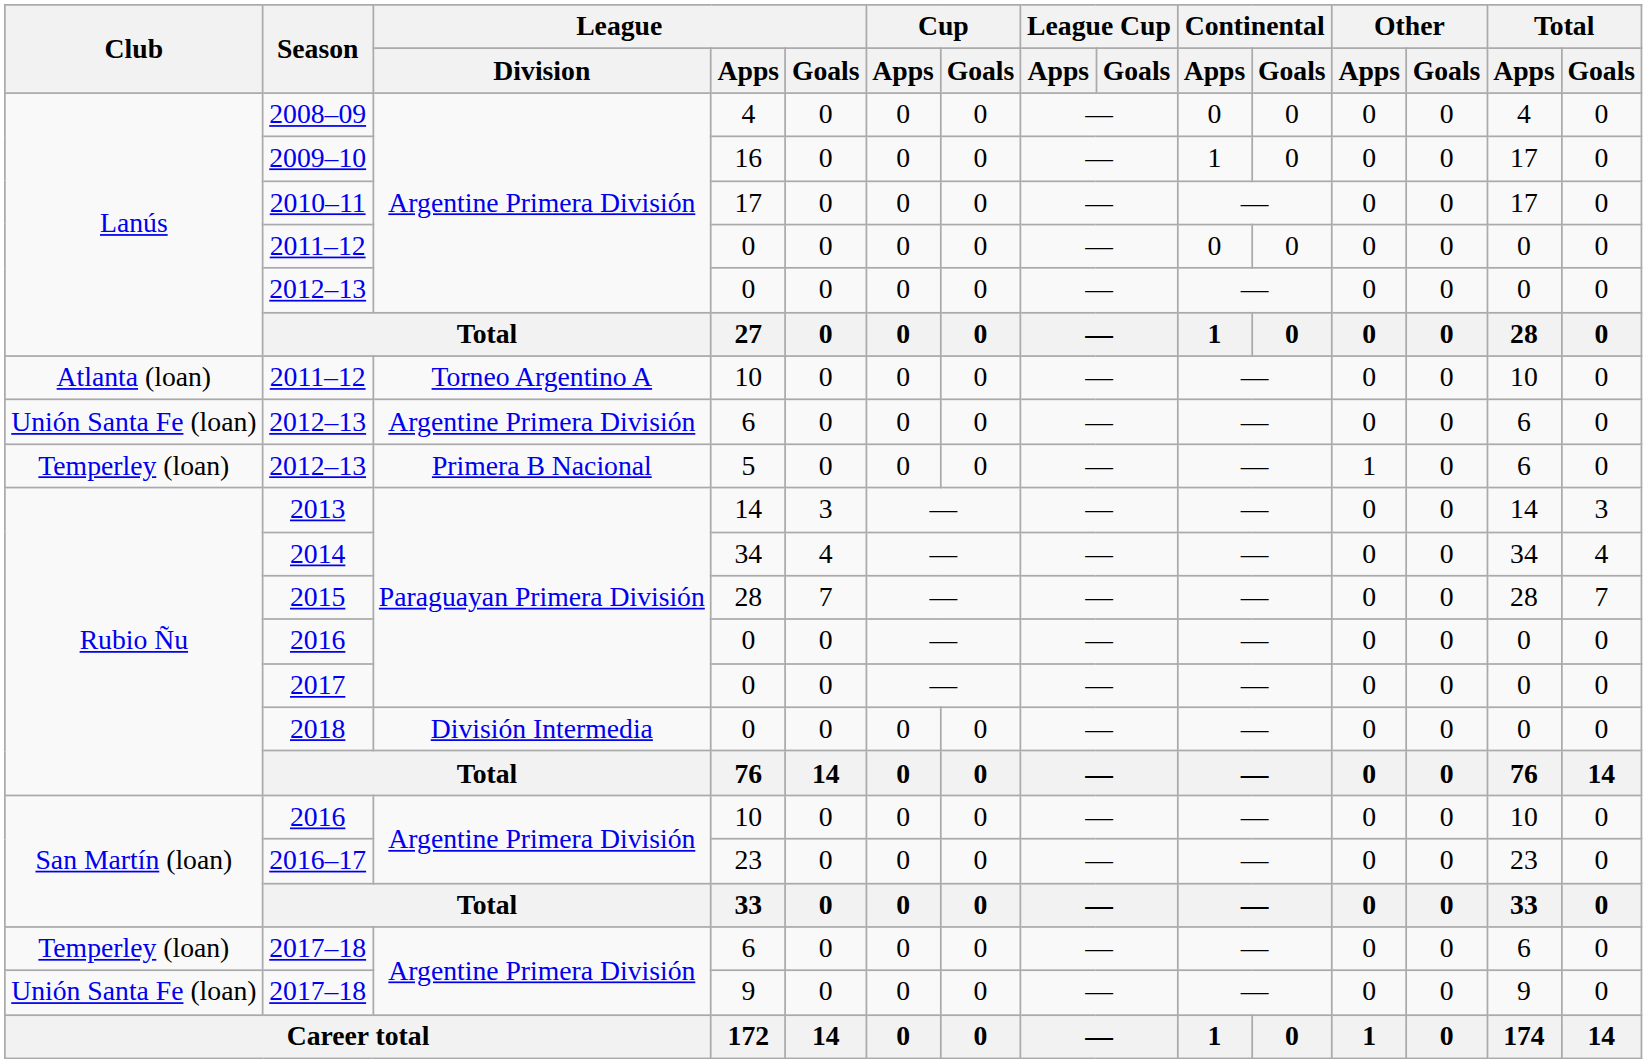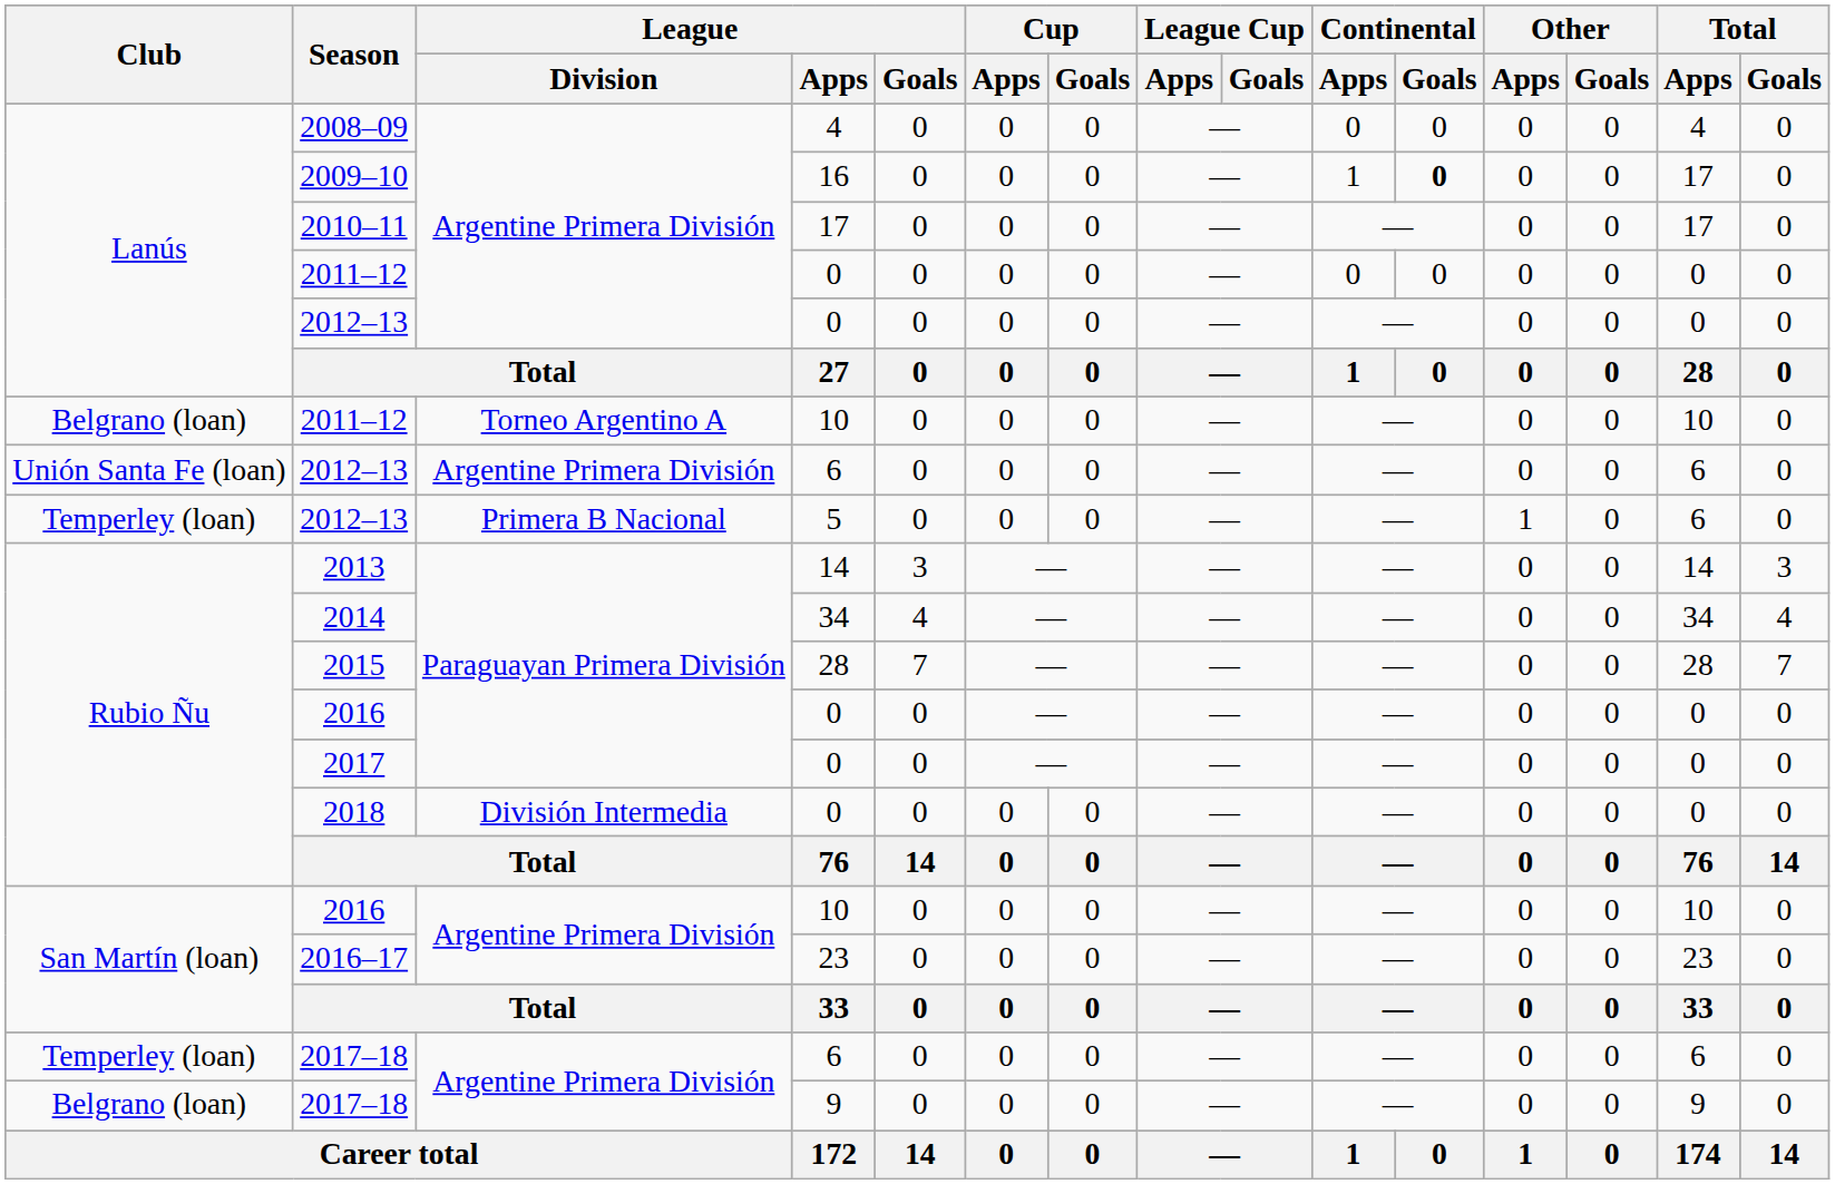 <table class="wikitable" style="text-align:center">
 <tr>
 <th rowspan="2">Club</th>
 <th rowspan="2">Season</th>
 <th colspan="3">League</th>
 <th colspan="2">Cup</th>
 <th colspan="2">League Cup</th>
 <th colspan="2">Continental</th>
 <th colspan="2">Other</th>
 <th colspan="2">Total</th>
 </tr>
 <tr>
 <th>Division</th>
 <th>Apps</th>
 <th>Goals</th>
 <th>Apps</th>
 <th>Goals</th>
 <th>Apps</th>
 <th>Goals</th>
 <th>Apps</th>
 <th>Goals</th>
 <th>Apps</th>
 <th>Goals</th>
 <th>Apps</th>
 <th>Goals</th>
 </tr>
 <tr>
 <td rowspan="6"><a href='#'>Lanús</a></td>
 <td><a href='#'>2008–09</a></td>
 <td rowspan="5"><a href='#'>Argentine Primera División</a></td>
 <td>4</td>
 <td>0</td>
 <td>0</td>
 <td>0</td>
 <td colspan="2">—</td>
 <td>0</td>
 <td>0</td>
 <td>0</td>
 <td>0</td>
 <td>4</td>
 <td>0</td>
 </tr>
 <tr>
 <td><a href='#'>2009–10</a></td>
 <td>16</td>
 <td>0</td>
 <td>0</td>
 <td>0</td>
 <td colspan="2">—</td>
 <td>1</td>
-<td>0</td>
+<td><strong>0</strong></td>
 <td>0</td>
 <td>0</td>
 <td>17</td>
 <td>0</td>
 </tr>
 <tr>
 <td><a href='#'>2010–11</a></td>
 <td>17</td>
 <td>0</td>
 <td>0</td>
 <td>0</td>
 <td colspan="2">—</td>
 <td colspan="2">—</td>
 <td>0</td>
 <td>0</td>
 <td>17</td>
 <td>0</td>
 </tr>
 <tr>
 <td><a href='#'>2011–12</a></td>
 <td>0</td>
 <td>0</td>
 <td>0</td>
 <td>0</td>
 <td colspan="2">—</td>
 <td>0</td>
 <td>0</td>
 <td>0</td>
 <td>0</td>
 <td>0</td>
 <td>0</td>
 </tr>
 <tr>
 <td><a href='#'>2012–13</a></td>
 <td>0</td>
 <td>0</td>
 <td>0</td>
 <td>0</td>
 <td colspan="2">—</td>
 <td colspan="2">—</td>
 <td>0</td>
 <td>0</td>
 <td>0</td>
 <td>0</td>
 </tr>
 <tr>
 <th colspan="2">Total</th>
 <th>27</th>
 <th>0</th>
 <th>0</th>
 <th>0</th>
 <th colspan="2">—</th>
 <th>1</th>
 <th>0</th>
 <th>0</th>
 <th>0</th>
 <th>28</th>
 <th>0</th>
 </tr>
 <tr>
-<td rowspan="1"><a href='#'>Atlanta</a> (loan)</td>
+<td rowspan="1"><a href='#'>Belgrano</a> (loan)</td>
 <td><a href='#'>2011–12</a></td>
 <td rowspan="1"><a href='#'>Torneo Argentino A</a></td>
 <td>10</td>
 <td>0</td>
 <td>0</td>
 <td>0</td>
 <td colspan="2">—</td>
 <td colspan="2">—</td>
 <td>0</td>
 <td>0</td>
 <td>10</td>
 <td>0</td>
 </tr>
 <tr>
 <td rowspan="1"><a href='#'>Unión Santa Fe</a> (loan)</td>
 <td><a href='#'>2012–13</a></td>
 <td rowspan="1"><a href='#'>Argentine Primera División</a></td>
 <td>6</td>
 <td>0</td>
 <td>0</td>
 <td>0</td>
 <td colspan="2">—</td>
 <td colspan="2">—</td>
 <td>0</td>
 <td>0</td>
 <td>6</td>
 <td>0</td>
 </tr>
 <tr>
 <td rowspan="1"><a href='#'>Temperley</a> (loan)</td>
 <td><a href='#'>2012–13</a></td>
 <td rowspan="1"><a href='#'>Primera B Nacional</a></td>
 <td>5</td>
 <td>0</td>
 <td>0</td>
 <td>0</td>
 <td colspan="2">—</td>
 <td colspan="2">—</td>
 <td>1</td>
 <td>0</td>
 <td>6</td>
 <td>0</td>
 </tr>
 <tr>
 <td rowspan="7"><a href='#'>Rubio Ñu</a></td>
 <td><a href='#'>2013</a></td>
 <td rowspan="5"><a href='#'>Paraguayan Primera División</a></td>
 <td>14</td>
 <td>3</td>
 <td colspan="2">—</td>
 <td colspan="2">—</td>
 <td colspan="2">—</td>
 <td>0</td>
 <td>0</td>
 <td>14</td>
 <td>3</td>
 </tr>
 <tr>
 <td><a href='#'>2014</a></td>
 <td>34</td>
 <td>4</td>
 <td colspan="2">—</td>
 <td colspan="2">—</td>
 <td colspan="2">—</td>
 <td>0</td>
 <td>0</td>
 <td>34</td>
 <td>4</td>
 </tr>
 <tr>
 <td><a href='#'>2015</a></td>
 <td>28</td>
 <td>7</td>
 <td colspan="2">—</td>
 <td colspan="2">—</td>
 <td colspan="2">—</td>
 <td>0</td>
 <td>0</td>
 <td>28</td>
 <td>7</td>
 </tr>
 <tr>
 <td><a href='#'>2016</a></td>
 <td>0</td>
 <td>0</td>
 <td colspan="2">—</td>
 <td colspan="2">—</td>
 <td colspan="2">—</td>
 <td>0</td>
 <td>0</td>
 <td>0</td>
 <td>0</td>
 </tr>
 <tr>
 <td><a href='#'>2017</a></td>
 <td>0</td>
 <td>0</td>
 <td colspan="2">—</td>
 <td colspan="2">—</td>
 <td colspan="2">—</td>
 <td>0</td>
 <td>0</td>
 <td>0</td>
 <td>0</td>
 </tr>
 <tr>
 <td><a href='#'>2018</a></td>
 <td rowspan="1"><a href='#'>División Intermedia</a></td>
 <td>0</td>
 <td>0</td>
 <td>0</td>
 <td>0</td>
 <td colspan="2">—</td>
 <td colspan="2">—</td>
 <td>0</td>
 <td>0</td>
 <td>0</td>
 <td>0</td>
 </tr>
 <tr>
 <th colspan="2">Total</th>
 <th>76</th>
 <th>14</th>
 <th>0</th>
 <th>0</th>
 <th colspan="2">—</th>
 <th colspan="2">—</th>
 <th>0</th>
 <th>0</th>
 <th>76</th>
 <th>14</th>
 </tr>
 <tr>
 <td rowspan="3"><a href='#'>San Martín</a> (loan)</td>
 <td><a href='#'>2016</a></td>
 <td rowspan="2"><a href='#'>Argentine Primera División</a></td>
 <td>10</td>
 <td>0</td>
 <td>0</td>
 <td>0</td>
 <td colspan="2">—</td>
 <td colspan="2">—</td>
 <td>0</td>
 <td>0</td>
 <td>10</td>
 <td>0</td>
 </tr>
 <tr>
 <td><a href='#'>2016–17</a></td>
 <td>23</td>
 <td>0</td>
 <td>0</td>
 <td>0</td>
 <td colspan="2">—</td>
 <td colspan="2">—</td>
 <td>0</td>
 <td>0</td>
 <td>23</td>
 <td>0</td>
 </tr>
 <tr>
 <th colspan="2">Total</th>
 <th>33</th>
 <th>0</th>
 <th>0</th>
 <th>0</th>
 <th colspan="2">—</th>
 <th colspan="2">—</th>
 <th>0</th>
 <th>0</th>
 <th>33</th>
 <th>0</th>
 </tr>
 <tr>
 <td rowspan="1"><a href='#'>Temperley</a> (loan)</td>
 <td><a href='#'>2017–18</a></td>
 <td rowspan="2"><a href='#'>Argentine Primera División</a></td>
 <td>6</td>
 <td>0</td>
 <td>0</td>
 <td>0</td>
 <td colspan="2">—</td>
 <td colspan="2">—</td>
 <td>0</td>
 <td>0</td>
 <td>6</td>
 <td>0</td>
 </tr>
 <tr>
-<td rowspan="1"><a href='#'>Unión Santa Fe</a> (loan)</td>
+<td rowspan="1"><a href='#'>Belgrano</a> (loan)</td>
 <td><a href='#'>2017–18</a></td>
 <td>9</td>
 <td>0</td>
 <td>0</td>
 <td>0</td>
 <td colspan="2">—</td>
 <td colspan="2">—</td>
 <td>0</td>
 <td>0</td>
 <td>9</td>
 <td>0</td>
 </tr>
 <tr>
 <th colspan="3">Career total</th>
 <th>172</th>
 <th>14</th>
 <th>0</th>
 <th>0</th>
 <th colspan="2">—</th>
 <th>1</th>
 <th>0</th>
 <th>1</th>
 <th>0</th>
 <th>174</th>
 <th>14</th>
 </tr>
 </table>
